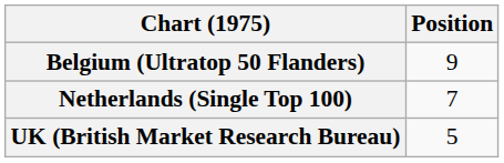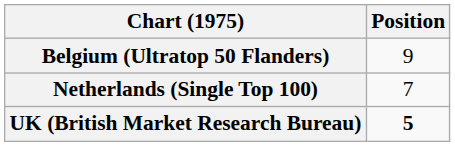 <table class="wikitable sortable plainrowheaders" style="text-align:center">
 <tr>
 <th scope=col>Chart (1975)</th>
 <th scope=col>Position</th>
 </tr>
 <tr>
 <th scope="row">Belgium (Ultratop 50 Flanders)</th>
 <td align=center>9</td>
 </tr>
 <tr>
 <th scope="row">Netherlands (Single Top 100)</th>
 <td align=center>7</td>
 </tr>
 <tr>
 <th scope="row">UK (British Market Research Bureau)</th>
-<td align=center>5</td>
+<td align=center><strong>5</strong></td>
 </tr>
 </table>
